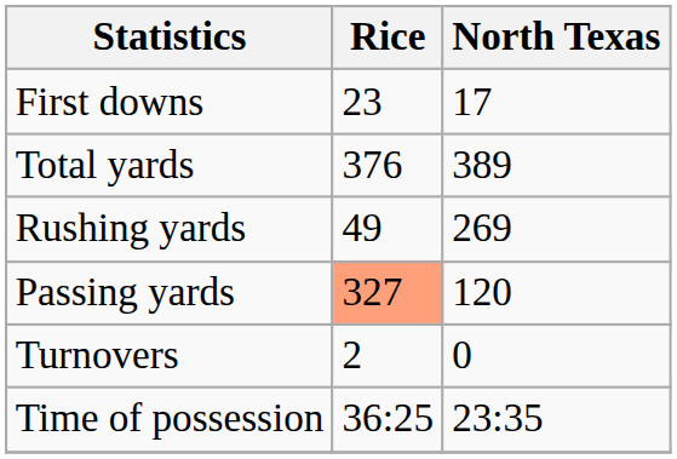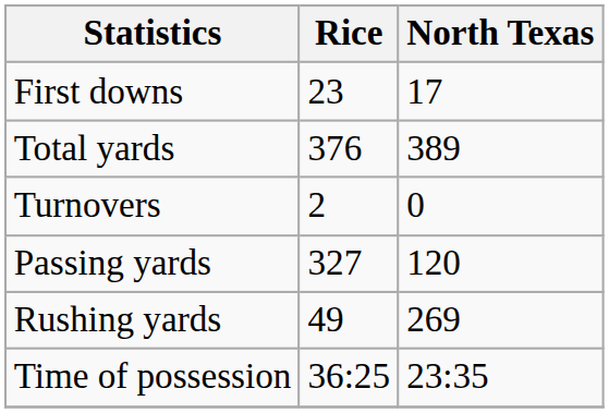 <table class="wikitable">
 <tr>
 <th>Statistics</th>
 <th>Rice</th>
 <th>North Texas</th>
 </tr>
 <tr>
 <td>First downs</td>
 <td>23</td>
 <td>17</td>
 </tr>
 <tr>
 <td>Total yards</td>
 <td>376</td>
 <td>389</td>
 </tr>
 <tr>
+<td>Turnovers</td>
+<td>2</td>
+<td>0</td>
+</tr>
+<tr>
+<td>Passing yards</td>
+<td>327</td>
+<td>120</td>
+</tr>
+<tr>
 <td>Rushing yards</td>
 <td>49</td>
 <td>269</td>
-</tr>
-<tr>
-<td>Passing yards</td>
-<td style="background: lightsalmon;">327</td>
-<td>120</td>
-</tr>
-<tr>
-<td>Turnovers</td>
-<td>2</td>
-<td>0</td>
 </tr>
 <tr>
 <td>Time of possession</td>
 <td>36:25</td>
 <td>23:35</td>
 </tr>
 <tr>
 </tr>
 </table>
